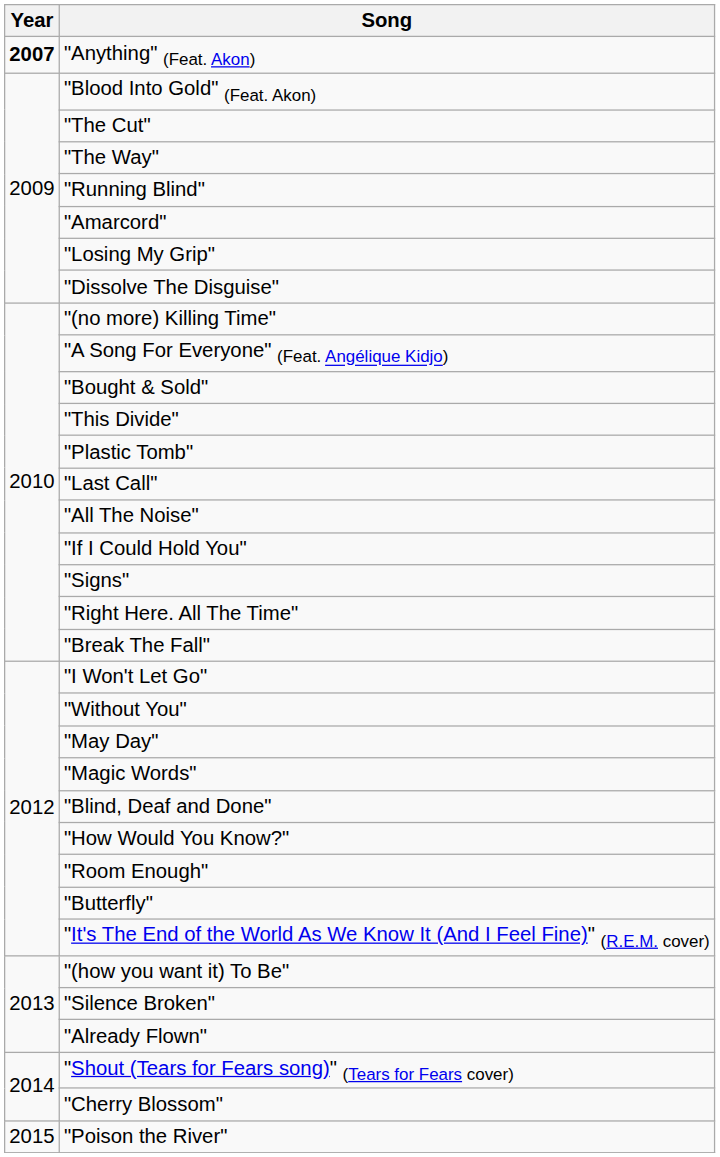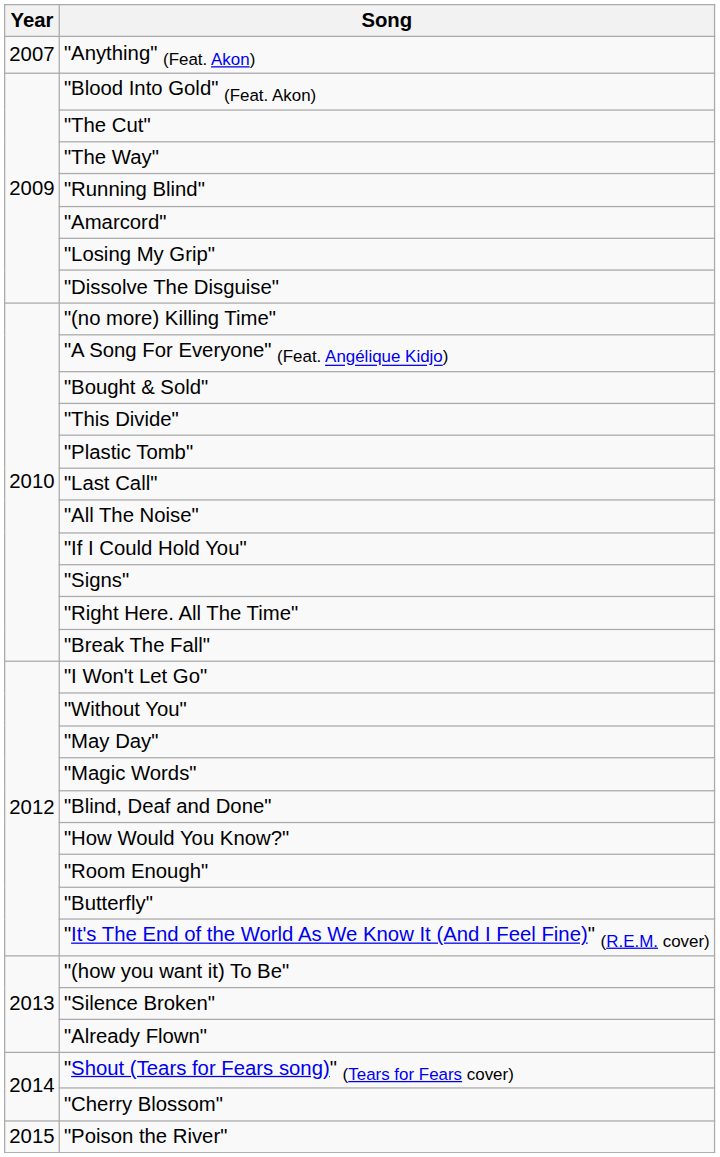 <table class="wikitable">
 <tr>
 <th>Year</th>
 <th>Song</th>
 </tr>
 <tr>
-<td><strong>2007</strong></td>
+<td>2007</td>
 <td>"Anything" <sub>(Feat. <a href='#'>Akon</a>)</sub></td>
 </tr>
 <tr>
 <td rowspan="7">2009</td>
 <td>"Blood Into Gold" <sub>(Feat. Akon)</sub></td>
 </tr>
 <tr>
 <td>"The Cut"</td>
 </tr>
 <tr>
 <td>"The Way"</td>
 </tr>
 <tr>
 <td>"Running Blind"</td>
 </tr>
 <tr>
 <td>"Amarcord"</td>
 </tr>
 <tr>
 <td>"Losing My Grip"</td>
 </tr>
 <tr>
 <td>"Dissolve The Disguise"</td>
 </tr>
 <tr>
 <td rowspan="11">2010</td>
 <td>"(no more) Killing Time"</td>
 </tr>
 <tr>
 <td>"A Song For Everyone" <sub>(Feat. <a href='#'>Angélique Kidjo</a>)</sub></td>
 </tr>
 <tr>
 <td>"Bought & Sold"</td>
 </tr>
 <tr>
 <td>"This Divide"</td>
 </tr>
 <tr>
 <td>"Plastic Tomb"</td>
 </tr>
 <tr>
 <td>"Last Call"</td>
 </tr>
 <tr>
 <td>"All The Noise"</td>
 </tr>
 <tr>
 <td>"If I Could Hold You"</td>
 </tr>
 <tr>
 <td>"Signs"</td>
 </tr>
 <tr>
 <td>"Right Here. All The Time"</td>
 </tr>
 <tr>
 <td>"Break The Fall"</td>
 </tr>
 <tr>
 <td rowspan="9">2012</td>
 <td>"I Won't Let Go"</td>
 </tr>
 <tr>
 <td>"Without You"</td>
 </tr>
 <tr>
 <td>"May Day"</td>
 </tr>
 <tr>
 <td>"Magic Words"</td>
 </tr>
 <tr>
 <td>"Blind, Deaf and Done"</td>
 </tr>
 <tr>
 <td>"How Would You Know?"</td>
 </tr>
 <tr>
 <td>"Room Enough"</td>
 </tr>
 <tr>
 <td>"Butterfly"</td>
 </tr>
 <tr>
 <td>"<a href='#'>It's The End of the World As We Know It (And I Feel Fine)</a>" <sub>(<a href='#'>R.E.M.</a> cover)</sub></td>
 </tr>
 <tr>
 <td rowspan="3">2013</td>
 <td>"(how you want it) To Be"</td>
 </tr>
 <tr>
 <td>"Silence Broken"</td>
 </tr>
 <tr>
 <td>"Already Flown"</td>
 </tr>
 <tr>
 <td rowspan="2">2014</td>
 <td>"<a href='#'>Shout (Tears for Fears song)</a>" <sub>(<a href='#'>Tears for Fears</a> cover)</sub></td>
 </tr>
 <tr>
 <td>"Cherry Blossom"</td>
 </tr>
 <tr>
 <td rowspan="2">2015</td>
 <td>"Poison the River"</td>
 </tr>
 </table>
